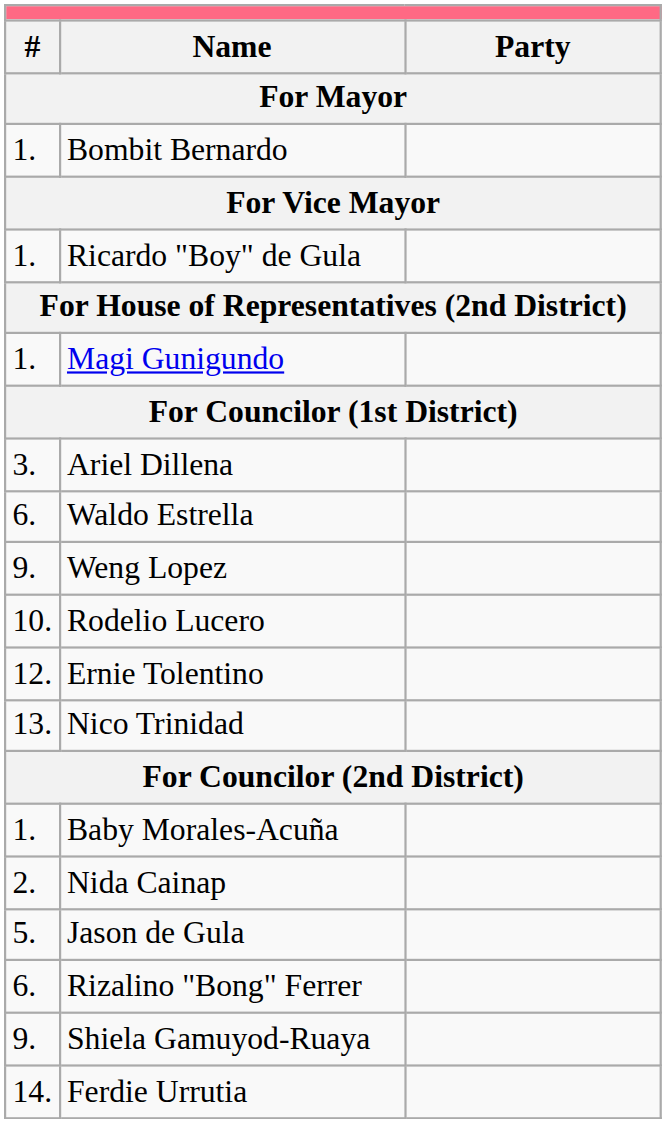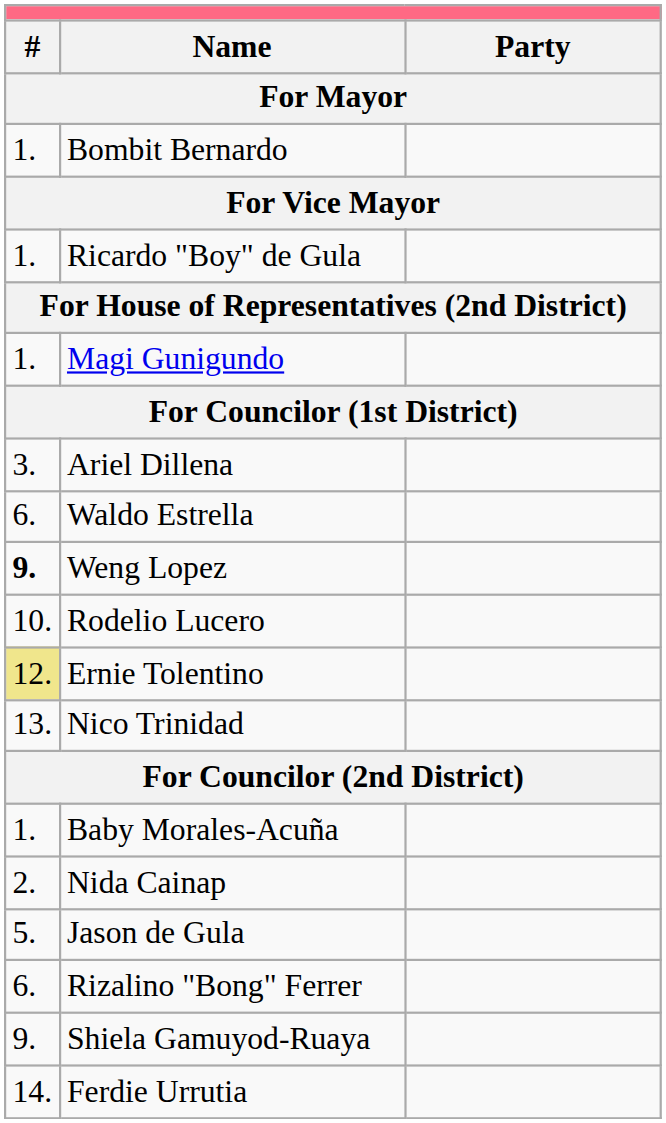 <table class=wikitable style="font-size:90%">
 <tr>
 <td colspan="4" bgcolor="FF6984"></td>
 </tr>
 <tr>
 <th>#</th>
 <th width=150px>Name</th>
 <th colspan=2 width=110px>Party</th>
 </tr>
 <tr>
 <th colspan="4">For Mayor</th>
 </tr>
 <tr>
 <td>1.</td>
 <td>Bombit Bernardo</td>
 <td></td>
 </tr>
 <tr>
 <th colspan="4">For Vice Mayor</th>
 </tr>
 <tr>
 <td>1.</td>
 <td>Ricardo "Boy" de Gula</td>
 <td></td>
 </tr>
 <tr>
 <th colspan="4">For House of Representatives (2nd District)</th>
 </tr>
 <tr>
 <td>1.</td>
 <td><a href='#'>Magi Gunigundo</a></td>
 <td></td>
 </tr>
 <tr>
 <th colspan="4">For Councilor (1st District)</th>
 </tr>
 <tr>
 <td>3.</td>
 <td>Ariel Dillena</td>
 <td></td>
 </tr>
 <tr>
 <td>6.</td>
 <td>Waldo Estrella</td>
 <td></td>
 </tr>
 <tr>
-<td>9.</td>
+<td><strong>9.</strong></td>
 <td>Weng Lopez</td>
 <td></td>
 </tr>
 <tr>
 <td>10.</td>
 <td>Rodelio Lucero</td>
 <td></td>
 </tr>
 <tr>
-<td>12.</td>
+<td style="background: khaki;">12.</td>
 <td>Ernie Tolentino</td>
 <td></td>
 </tr>
 <tr>
 <td>13.</td>
 <td>Nico Trinidad</td>
 <td></td>
 </tr>
 <tr>
 <th colspan="4">For Councilor (2nd District)</th>
 </tr>
 <tr>
 <td>1.</td>
 <td>Baby Morales-Acuña</td>
 <td></td>
 </tr>
 <tr>
 <td>2.</td>
 <td>Nida Cainap</td>
 <td></td>
 </tr>
 <tr>
 <td>5.</td>
 <td>Jason de Gula</td>
 <td></td>
 </tr>
 <tr>
 <td>6.</td>
 <td>Rizalino "Bong" Ferrer</td>
 <td></td>
 </tr>
 <tr>
 <td>9.</td>
 <td>Shiela Gamuyod-Ruaya</td>
 <td></td>
 </tr>
 <tr>
 <td>14.</td>
 <td>Ferdie Urrutia</td>
 <td></td>
 </tr>
 </table>
